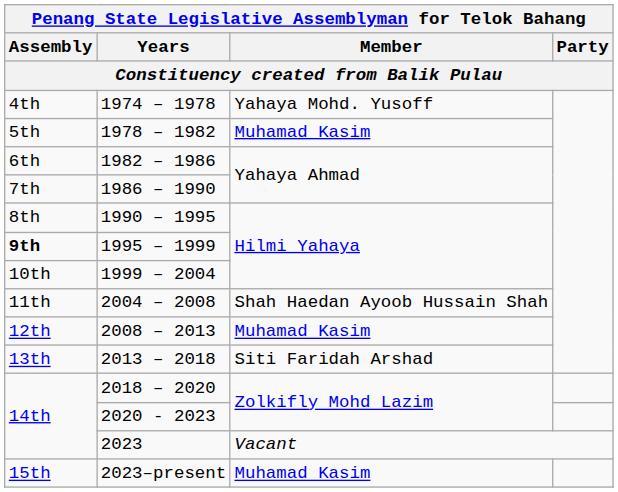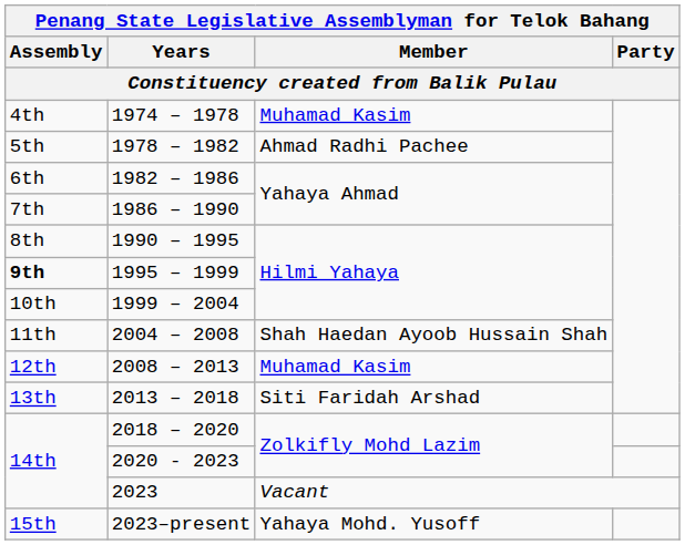 <table class="wikitable">
 <tr>
 <th colspan="4"><a href='#'>Penang State Legislative Assemblyman</a> for Telok Bahang</th>
 </tr>
 <tr>
 <th>Assembly</th>
 <th>Years</th>
 <th>Member</th>
 <th>Party</th>
 </tr>
 <tr>
 <th colspan="4" align="center"><em>Constituency created from Balik Pulau</em></th>
 </tr>
 <tr>
 <td>4th</td>
 <td>1974 – 1978</td>
-<td>Yahaya Mohd. Yusoff</td>
+<td><a href='#'>Muhamad Kasim</a></td>
 <td rowspan="10"></td>
 </tr>
 <tr>
 <td>5th</td>
 <td>1978 – 1982</td>
-<td><a href='#'>Muhamad Kasim</a></td>
+<td>Ahmad Radhi Pachee</td>
 </tr>
 <tr>
 <td>6th</td>
 <td>1982 – 1986</td>
 <td rowspan="2">Yahaya Ahmad</td>
 </tr>
 <tr>
 <td [[>7th</td>
 <td>1986 – 1990</td>
 </tr>
 <tr>
 <td>8th</td>
 <td>1990 – 1995</td>
 <td rowspan="3"><a href='#'>Hilmi Yahaya</a></td>
 </tr>
 <tr>
 <td><strong>9th</strong></td>
 <td>1995 – 1999</td>
 </tr>
 <tr>
 <td>10th</td>
 <td>1999 – 2004</td>
 </tr>
 <tr>
 <td>11th</td>
 <td>2004 – 2008</td>
 <td>Shah Haedan Ayoob Hussain Shah</td>
 </tr>
 <tr>
 <td><a href='#'>12th</a></td>
 <td>2008 – 2013</td>
 <td><a href='#'>Muhamad Kasim</a></td>
 </tr>
 <tr>
 <td><a href='#'>13th</a></td>
 <td>2013 – 2018</td>
 <td>Siti Faridah Arshad</td>
 </tr>
 <tr>
 <td rowspan="3"><a href='#'>14th</a></td>
 <td>2018 – 2020</td>
 <td rowspan="2"><a href='#'>Zolkifly Mohd Lazim</a></td>
 <td></td>
 </tr>
 <tr>
 <td>2020 - 2023</td>
 <td></td>
 </tr>
 <tr>
 <td>2023</td>
 <td colspan="2"><em>Vacant</em></td>
 </tr>
 <tr>
 <td><a href='#'>15th</a></td>
 <td>2023–present</td>
-<td><a href='#'>Muhamad Kasim</a></td>
+<td>Yahaya Mohd. Yusoff</td>
 <td></td>
 </tr>
 </table>
